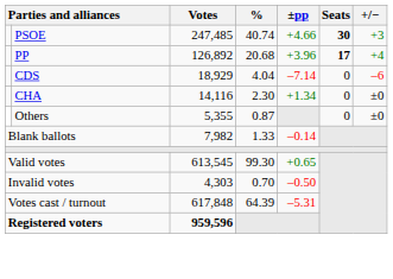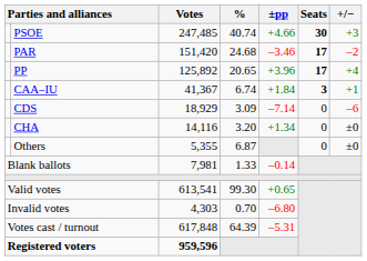 <table class="wikitable" style="text-align:right;">
 <tr>
 <th style="text-align:left;" colspan="2" width="200">Parties and alliances</th>
 <th width="75">Votes</th>
 <th width="45">%</th>
 <th width="45">±<a href='#'>pp</a></th>
 <th width="35">Seats</th>
 <th width="35">+/−</th>
 </tr>
 <tr>
 <td width="1" style="color:inherit;background:"></td>
 <td align="left"><a href='#'>PSOE</a></td>
 <td>247,485</td>
 <td>40.74</td>
 <td style="color:green;">+4.66</td>
 <td><strong>30</strong></td>
 <td style="color:green;">+3</td>
 </tr>
 <tr>
 <td style="color:inherit;background:"></td>
+<td align="left"><a href='#'>PAR</a></td>
+<td>151,420</td>
+<td>24.68</td>
+<td style="color:red;">–3.46</td>
+<td><strong>17</strong></td>
+<td style="color:red;">–2</td>
+</tr>
+<tr>
+<td style="color:inherit;background:"></td>
 <td align="left"><a href='#'>PP</a></td>
-<td>126,892</td>
-<td>20.68</td>
+<td>125,892</td>
+<td>20.65</td>
 <td style="color:green;">+3.96</td>
 <td><strong>17</strong></td>
 <td style="color:green;">+4</td>
 </tr>
 <tr>
 <td style="color:inherit;background:"></td>
+<td align="left"><a href='#'>CAA–IU</a></td>
+<td>41,367</td>
+<td>6.74</td>
+<td style="color:green;">+1.84</td>
+<td><strong>3</strong></td>
+<td style="color:green;">+1</td>
+</tr>
+<tr>
+<td style="color:inherit;background:"></td>
 <td align="left"><a href='#'>CDS</a></td>
 <td>18,929</td>
-<td>4.04</td>
+<td>3.09</td>
 <td style="color:red;">–7.14</td>
 <td>0</td>
 <td style="color:red;">–6</td>
 </tr>
 <tr>
 <td style="color:inherit;background:"></td>
 <td align="left"><a href='#'>CHA</a></td>
 <td>14,116</td>
-<td>2.30</td>
+<td>3.20</td>
 <td style="color:green;">+1.34</td>
 <td>0</td>
 <td>±0</td>
 </tr>
 <tr>
 <td bgcolor="white"></td>
 <td align="left">Others</td>
 <td>5,355</td>
-<td>0.87</td>
+<td>6.87</td>
 <td bgcolor="#E9E9E9"></td>
 <td>0</td>
 <td>±0</td>
 </tr>
 <tr>
 <td align="left" colspan="2">Blank ballots</td>
-<td>7,982</td>
+<td>7,981</td>
 <td>1.33</td>
 <td style="color:red;">–0.14</td>
 <td bgcolor="#E9E9E9" colspan="2"></td>
 </tr>
 <tr>
 <td colspan="7" bgcolor="#E9E9E9"></td>
 </tr>
 <tr>
 <td align="left" colspan="2">Valid votes</td>
-<td>613,545</td>
+<td>613,541</td>
 <td>99.30</td>
 <td style="color:green;">+0.65</td>
 <td bgcolor="#E9E9E9" colspan="2" rowspan="4"></td>
 </tr>
 <tr>
 <td align="left" colspan="2">Invalid votes</td>
 <td>4,303</td>
 <td>0.70</td>
-<td style="color:red;">–0.50</td>
+<td style="color:red;">–6.80</td>
 </tr>
 <tr>
 <td align="left" colspan="2">Votes cast / turnout</td>
 <td>617,848</td>
 <td>64.39</td>
 <td style="color:red;">–5.31</td>
 </tr>
 <tr style="font-weight:bold;">
 <td align="left" colspan="2">Registered voters</td>
 <td>959,596</td>
 <td bgcolor="#E9E9E9" colspan="2"></td>
 </tr>
 </table>
